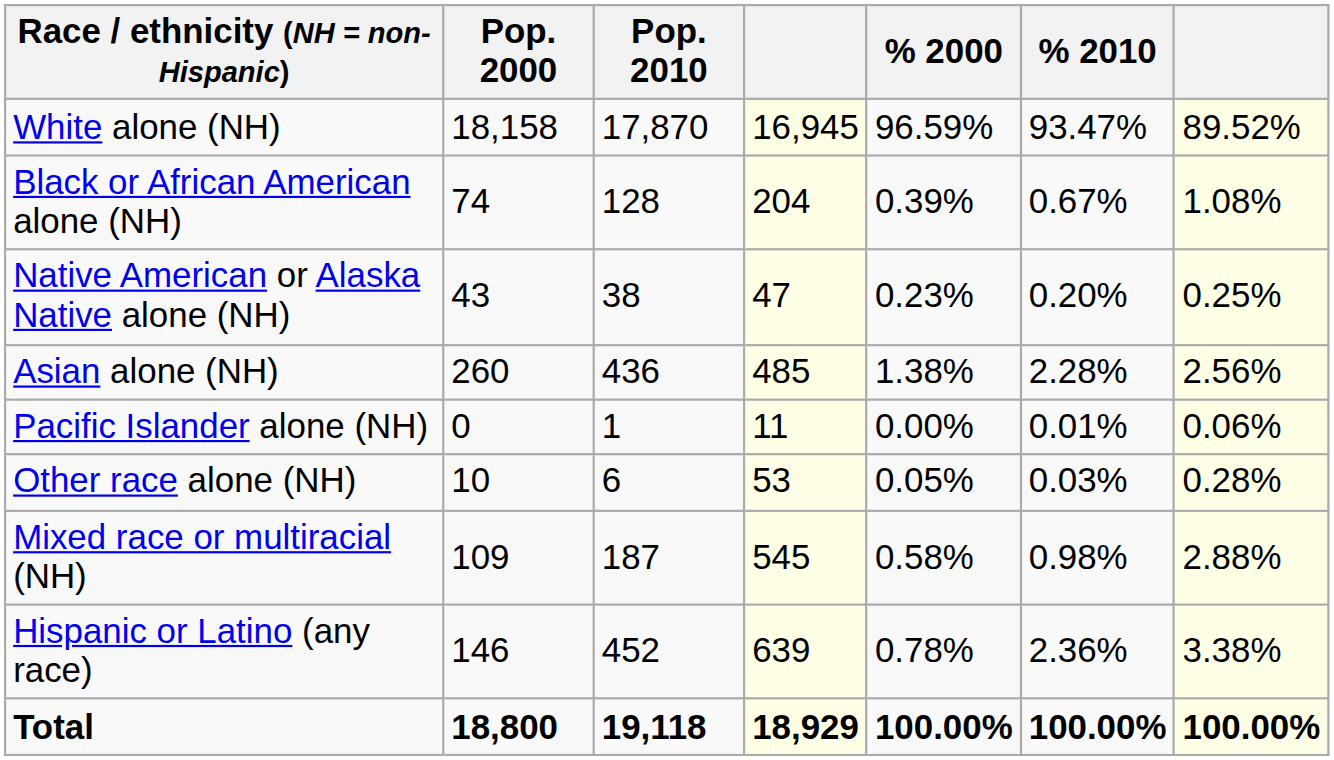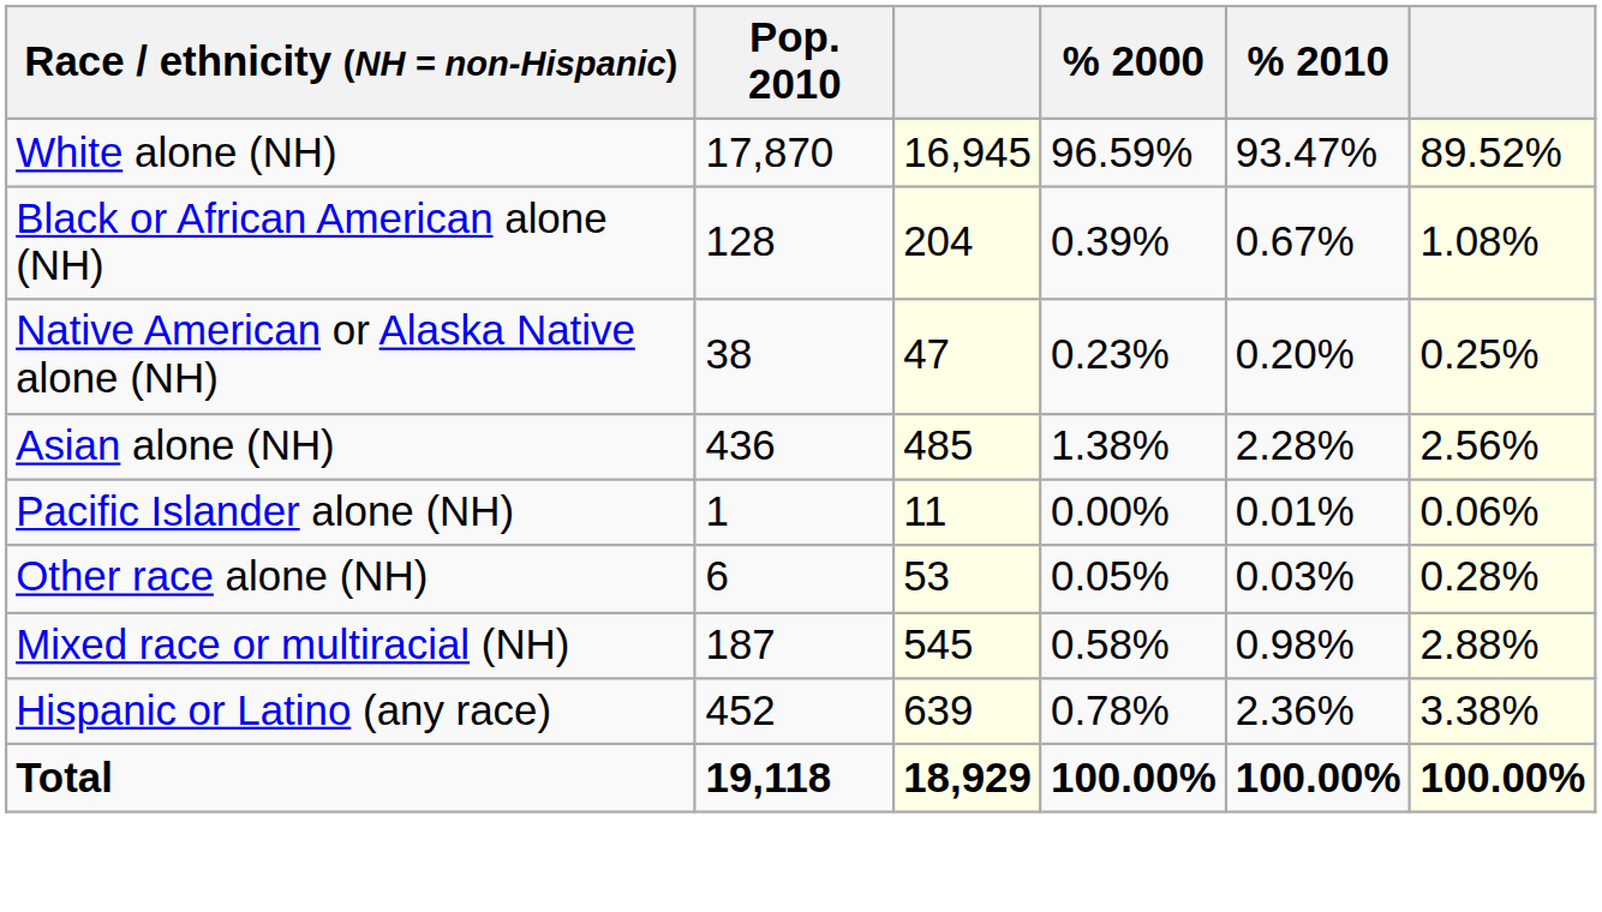 <table class="wikitable">
 <tr>
 <th>Race / ethnicity <small>(<em>NH = non-Hispanic</em>)</small></th>
-<th>Pop. 2000</th>
 <th>Pop. 2010</th>
 <th></th>
 <th>% 2000</th>
 <th>% 2010</th>
 <th></th>
 </tr>
 <tr>
 <td><a href='#'>White</a> alone (NH)</td>
-<td>18,158</td>
 <td>17,870</td>
 <td style='background: #ffffe6;'>16,945</td>
 <td>96.59%</td>
 <td>93.47%</td>
 <td style='background: #ffffe6;'>89.52%</td>
 </tr>
 <tr>
 <td><a href='#'>Black or African American</a> alone (NH)</td>
-<td>74</td>
 <td>128</td>
 <td style='background: #ffffe6;'>204</td>
 <td>0.39%</td>
 <td>0.67%</td>
 <td style='background: #ffffe6;'>1.08%</td>
 </tr>
 <tr>
 <td><a href='#'>Native American</a> or <a href='#'>Alaska Native</a> alone (NH)</td>
-<td>43</td>
 <td>38</td>
 <td style='background: #ffffe6;'>47</td>
 <td>0.23%</td>
 <td>0.20%</td>
 <td style='background: #ffffe6;'>0.25%</td>
 </tr>
 <tr>
 <td><a href='#'>Asian</a> alone (NH)</td>
-<td>260</td>
 <td>436</td>
 <td style='background: #ffffe6;'>485</td>
 <td>1.38%</td>
 <td>2.28%</td>
 <td style='background: #ffffe6;'>2.56%</td>
 </tr>
 <tr>
 <td><a href='#'>Pacific Islander</a> alone (NH)</td>
-<td>0</td>
 <td>1</td>
 <td style='background: #ffffe6;'>11</td>
 <td>0.00%</td>
 <td>0.01%</td>
 <td style='background: #ffffe6;'>0.06%</td>
 </tr>
 <tr>
 <td><a href='#'>Other race</a> alone (NH)</td>
-<td>10</td>
 <td>6</td>
 <td style='background: #ffffe6;'>53</td>
 <td>0.05%</td>
 <td>0.03%</td>
 <td style='background: #ffffe6;'>0.28%</td>
 </tr>
 <tr>
 <td><a href='#'>Mixed race or multiracial</a> (NH)</td>
-<td>109</td>
 <td>187</td>
 <td style='background: #ffffe6;'>545</td>
 <td>0.58%</td>
 <td>0.98%</td>
 <td style='background: #ffffe6;'>2.88%</td>
 </tr>
 <tr>
 <td><a href='#'>Hispanic or Latino</a> (any race)</td>
-<td>146</td>
 <td>452</td>
 <td style='background: #ffffe6;'>639</td>
 <td>0.78%</td>
 <td>2.36%</td>
 <td style='background: #ffffe6;'>3.38%</td>
 </tr>
 <tr>
 <td><strong>Total</strong></td>
-<td><strong>18,800</strong></td>
 <td><strong>19,118</strong></td>
 <td style='background: #ffffe6;'><strong>18,929</strong></td>
 <td><strong>100.00%</strong></td>
 <td><strong>100.00%</strong></td>
 <td style='background: #ffffe6;'><strong>100.00%</strong></td>
 </tr>
 </table>
